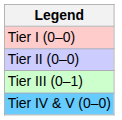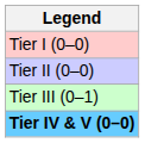 <table class="wikitable sortable mw-collapsible mw-collapsed">
 <tr>
 <th>Legend</th>
 </tr>
 <tr>
 <td bgcolor="#ffcccc">Tier I (0–0)</td>
 </tr>
 <tr>
 <td bgcolor="#ccccff">Tier II (0–0)</td>
 </tr>
 <tr>
 <td bgcolor="#CCFFCC">Tier III (0–1)</td>
 </tr>
 <tr>
-<td bgcolor="#66CCFF">Tier IV & V (0–0)</td>
+<td bgcolor="#66CCFF"><strong>Tier IV & V (0–0)</strong></td>
 </tr>
 </table>
